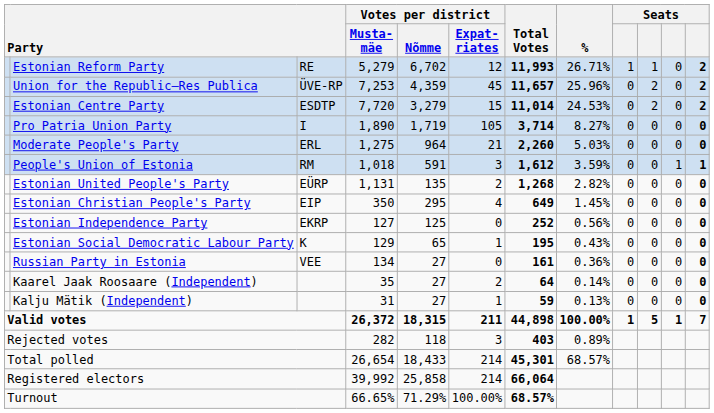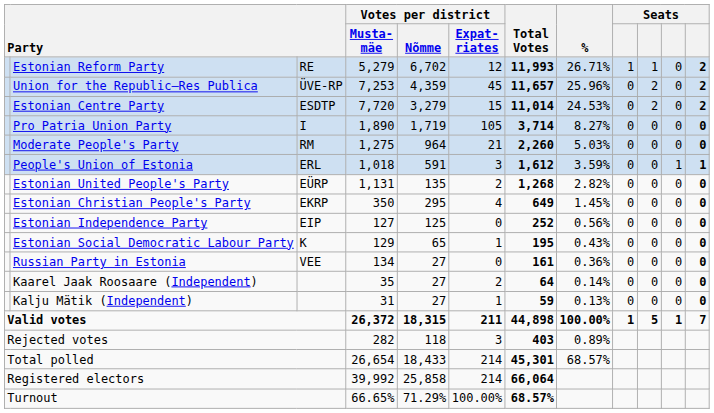 <table class="wikitable" border="1" style="text-align:right;">
 <tr>
 <th style="text-align:left;" valign=bottom rowspan=2 colspan=3>Party</th>
 <th colspan=3>Votes per district</th>
 <th align=center valign=bottom rowspan=2 width="50">Total Votes</th>
 <th align=center valign=bottom rowspan=2 width="50">%</th>
 <th colspan=4>Seats</th>
 </tr>
 <tr>
 <th align=center valign=bottom width="50"><a href='#'>Musta- mäe</a></th>
 <th align=center valign=bottom width="50"><a href='#'>Nõmme</a></th>
 <th align=center valign=bottom width="50"><a href='#'>Expat- riates</a></th>
 <th align=center valign=bottom width="20"><small></small></th>
 <th align=center valign=bottom width="20"><small></small></th>
 <th align=center valign=bottom width="20"><small></small></th>
 <th align=center valign=bottom width="20"><small></small></th>
 </tr>
 <tr style="background:#CEE0F2;">
 <td style="background:"></td>
 <td align=left><a href='#'>Estonian Reform Party</a></td>
 <td align=left>RE</td>
 <td>5,279</td>
 <td>6,702</td>
 <td>12</td>
 <td><strong>11,993</strong></td>
 <td>26.71%</td>
 <td>1</td>
 <td>1</td>
 <td>0</td>
 <td><strong>2</strong></td>
 </tr>
 <tr style="background:#CEE0F2;">
 <td style="background:"></td>
 <td align=left><a href='#'>Union for the Republic–Res Publica</a></td>
 <td align=left>ÜVE-RP</td>
 <td>7,253</td>
 <td>4,359</td>
 <td>45</td>
 <td><strong>11,657</strong></td>
 <td>25.96%</td>
 <td>0</td>
 <td>2</td>
 <td>0</td>
 <td><strong>2</strong></td>
 </tr>
 <tr style="background:#CEE0F2;">
 <td style="background:"></td>
 <td align=left><a href='#'>Estonian Centre Party</a></td>
 <td align=left>ESDTP</td>
 <td>7,720</td>
 <td>3,279</td>
 <td>15</td>
 <td><strong>11,014</strong></td>
 <td>24.53%</td>
 <td>0</td>
 <td>2</td>
 <td>0</td>
 <td><strong>2</strong></td>
 </tr>
 <tr style="background:#CEE0F2;">
 <td style="background:"></td>
 <td align=left><a href='#'>Pro Patria Union Party</a></td>
 <td align=left>I</td>
 <td>1,890</td>
 <td>1,719</td>
 <td>105</td>
 <td><strong>3,714</strong></td>
 <td>8.27%</td>
 <td>0</td>
 <td>0</td>
 <td>0</td>
 <td><strong>0</strong></td>
 </tr>
 <tr style="background:#CEE0F2;">
 <td style="background:"></td>
 <td align=left><a href='#'>Moderate People's Party</a></td>
-<td align=left>ERL</td>
+<td align=left>RM</td>
 <td>1,275</td>
 <td>964</td>
 <td>21</td>
 <td><strong>2,260</strong></td>
 <td>5.03%</td>
 <td>0</td>
 <td>0</td>
 <td>0</td>
 <td><strong>0</strong></td>
 </tr>
 <tr style="background:#CEE0F2;">
 <td style="background:"></td>
 <td align=left><a href='#'>People's Union of Estonia</a></td>
-<td align=left>RM</td>
+<td align=left>ERL</td>
 <td>1,018</td>
 <td>591</td>
 <td>3</td>
 <td><strong>1,612</strong></td>
 <td>3.59%</td>
 <td>0</td>
 <td>0</td>
 <td>1</td>
 <td><strong>1</strong></td>
 </tr>
 <tr>
 <td style="background:"></td>
 <td align=left><a href='#'>Estonian United People's Party</a></td>
 <td align=left>EÜRP</td>
 <td>1,131</td>
 <td>135</td>
 <td>2</td>
 <td><strong>1,268</strong></td>
 <td>2.82%</td>
 <td>0</td>
 <td>0</td>
 <td>0</td>
 <td><strong>0</strong></td>
 </tr>
 <tr>
 <td style="background:"></td>
 <td align=left><a href='#'>Estonian Christian People's Party</a></td>
-<td align=left>EIP</td>
+<td align=left>EKRP</td>
 <td>350</td>
 <td>295</td>
 <td>4</td>
 <td><strong>649</strong></td>
 <td>1.45%</td>
 <td>0</td>
 <td>0</td>
 <td>0</td>
 <td><strong>0</strong></td>
 </tr>
 <tr>
 <td style="background:"></td>
 <td align=left><a href='#'>Estonian Independence Party</a></td>
-<td align=left>EKRP</td>
+<td align=left>EIP</td>
 <td>127</td>
 <td>125</td>
 <td>0</td>
 <td><strong>252</strong></td>
 <td>0.56%</td>
 <td>0</td>
 <td>0</td>
 <td>0</td>
 <td><strong>0</strong></td>
 </tr>
 <tr>
 <td style="background:"></td>
 <td align=left><a href='#'>Estonian Social Democratic Labour Party</a></td>
 <td align=left>K</td>
 <td>129</td>
 <td>65</td>
 <td>1</td>
 <td><strong>195</strong></td>
 <td>0.43%</td>
 <td>0</td>
 <td>0</td>
 <td>0</td>
 <td><strong>0</strong></td>
 </tr>
 <tr>
 <td></td>
 <td align=left><a href='#'>Russian Party in Estonia</a></td>
 <td align=left>VEE</td>
 <td>134</td>
 <td>27</td>
 <td>0</td>
 <td><strong>161</strong></td>
 <td>0.36%</td>
 <td>0</td>
 <td>0</td>
 <td>0</td>
 <td><strong>0</strong></td>
 </tr>
 <tr>
 <td style="background:"></td>
 <td align=left>Kaarel Jaak Roosaare (<a href='#'>Independent</a>)</td>
 <td></td>
 <td>35</td>
 <td>27</td>
 <td>2</td>
 <td><strong>64</strong></td>
 <td>0.14%</td>
 <td>0</td>
 <td>0</td>
 <td>0</td>
 <td><strong>0</strong></td>
 </tr>
 <tr>
 <td style="background:"></td>
 <td align=left>Kalju Mätik (<a href='#'>Independent</a>)</td>
 <td></td>
 <td>31</td>
 <td>27</td>
 <td>1</td>
 <td><strong>59</strong></td>
 <td>0.13%</td>
 <td>0</td>
 <td>0</td>
 <td>0</td>
 <td><strong>0</strong></td>
 </tr>
 <tr style="font-weight:bold">
 <td align=left colspan=3>Valid votes</td>
 <td>26,372</td>
 <td>18,315</td>
 <td>211</td>
 <td>44,898</td>
 <td>100.00%</td>
 <td>1</td>
 <td>5</td>
 <td>1</td>
 <td>7</td>
 </tr>
 <tr>
 <td align=left colspan=3>Rejected votes</td>
 <td>282</td>
 <td>118</td>
 <td>3</td>
 <td><strong>403</strong></td>
 <td>0.89%</td>
 <td></td>
 <td></td>
 <td></td>
 <td></td>
 </tr>
 <tr>
 <td align=left colspan=3>Total polled</td>
 <td>26,654</td>
 <td>18,433</td>
 <td>214</td>
 <td><strong>45,301</strong></td>
 <td>68.57%</td>
 <td></td>
 <td></td>
 <td></td>
 <td></td>
 </tr>
 <tr>
 <td align=left colspan=3>Registered electors</td>
 <td>39,992</td>
 <td>25,858</td>
 <td>214</td>
 <td><strong>66,064</strong></td>
 <td></td>
 <td></td>
 <td></td>
 <td></td>
 <td></td>
 </tr>
 <tr>
 <td align=left colspan=3>Turnout</td>
 <td>66.65%</td>
 <td>71.29%</td>
 <td>100.00%</td>
 <td><strong>68.57%</strong></td>
 <td></td>
 <td></td>
 <td></td>
 <td></td>
 <td></td>
 </tr>
 </table>
